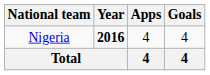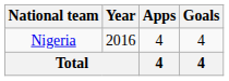 <table class="wikitable" style="text-align:center">
 <tr>
 <th>National team</th>
 <th>Year</th>
 <th>Apps</th>
 <th>Goals</th>
 </tr>
 <tr>
 <td><a href='#'>Nigeria</a></td>
-<td><strong>2016</strong></td>
+<td>2016</td>
 <td>4</td>
 <td>4</td>
 </tr>
 <tr>
 <th colspan="2">Total</th>
 <th>4</th>
 <th>4</th>
 </tr>
 </table>
